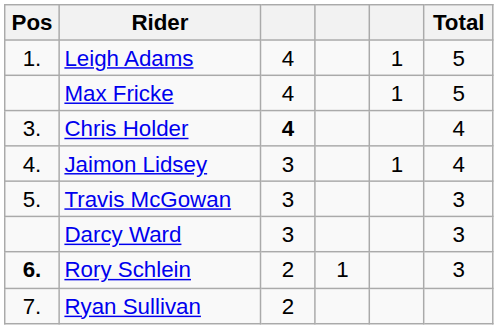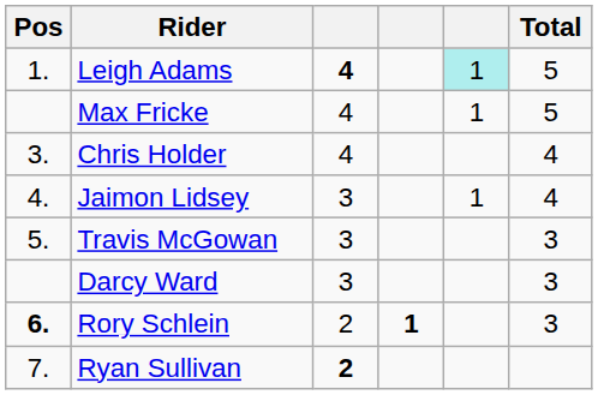 <table class="wikitable" style="font-size: 95%">
 <tr>
 <th width=30px>Pos</th>
 <th width=130px>Rider</th>
 <th width=30px ></th>
 <th width=30px ></th>
 <th width=30px ></th>
 <th width=40px>Total</th>
 </tr>
 <tr align=center>
 <td>1.</td>
 <td align=left><a href='#'>Leigh Adams</a></td>
-<td>4</td>
+<td><strong>4</strong></td>
 <td></td>
-<td>1</td>
+<td style="background: paleturquoise;">1</td>
 <td>5</td>
 </tr>
 <tr align=center>
 <td></td>
 <td align=left><a href='#'>Max Fricke</a></td>
 <td>4</td>
 <td></td>
 <td>1</td>
 <td>5</td>
 </tr>
 <tr align=center>
 <td>3.</td>
 <td align=left><a href='#'>Chris Holder</a></td>
-<td><strong>4</strong></td>
+<td>4</td>
 <td></td>
 <td></td>
 <td>4</td>
 </tr>
 <tr align=center>
 <td>4.</td>
 <td align=left><a href='#'>Jaimon Lidsey</a></td>
 <td>3</td>
 <td></td>
 <td>1</td>
 <td>4</td>
 </tr>
 <tr align=center>
 <td>5.</td>
 <td align=left><a href='#'>Travis McGowan</a></td>
 <td>3</td>
 <td></td>
 <td></td>
 <td>3</td>
 </tr>
 <tr align=center>
 <td></td>
 <td align=left><a href='#'>Darcy Ward</a></td>
 <td>3</td>
 <td></td>
 <td></td>
 <td>3</td>
 </tr>
 <tr align=center>
 <td><strong>6.</strong></td>
 <td align=left><a href='#'>Rory Schlein</a></td>
 <td>2</td>
-<td>1</td>
+<td><strong>1</strong></td>
 <td></td>
 <td>3</td>
 </tr>
 <tr align=center>
 <td>7.</td>
 <td align=left><a href='#'>Ryan Sullivan</a></td>
-<td>2</td>
+<td><strong>2</strong></td>
 <td></td>
 <td></td>
 </tr>
 </table>
